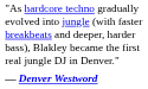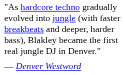 <table class="toccolours" style="float: right; margin-left: 1em; margin-right: 2em; font-size: 85%; background:offwhite; color:black; width:14em; max-width: 40%;" cellspacing="5">
 <tr>
 <td style="text-align: left;">"As <a href='#'>hardcore techno</a> gradually evolved into <a href='#'>jungle</a> (with faster <a href='#'>breakbeats</a> and deeper, harder bass), Blakley became the first real jungle DJ in Denver."</td>
 </tr>
 <tr>
-<td style="text-align: left;"><strong>— <em><a href='#'>Denver Westword</a></em></strong></td>
+<td style="text-align: left;">— <em><a href='#'>Denver Westword</a></em></td>
 </tr>
 </table>
